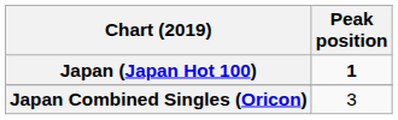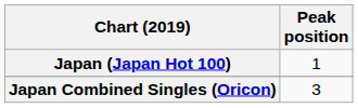 <table class="wikitable sortable plainrowheaders" style="text-align:center">
 <tr>
 <th scope="col">Chart (2019)</th>
 <th scope="col">Peak<br>position</th>
 </tr>
 <tr>
 <th scope="row">Japan (<a href='#'>Japan Hot 100</a>)</th>
-<td><strong>1</strong></td>
+<td>1</td>
 </tr>
 <tr>
 </tr>
 <tr>
 <th scope="row">Japan Combined Singles (<a href='#'>Oricon</a>)</th>
 <td>3</td>
 </tr>
 </table>
